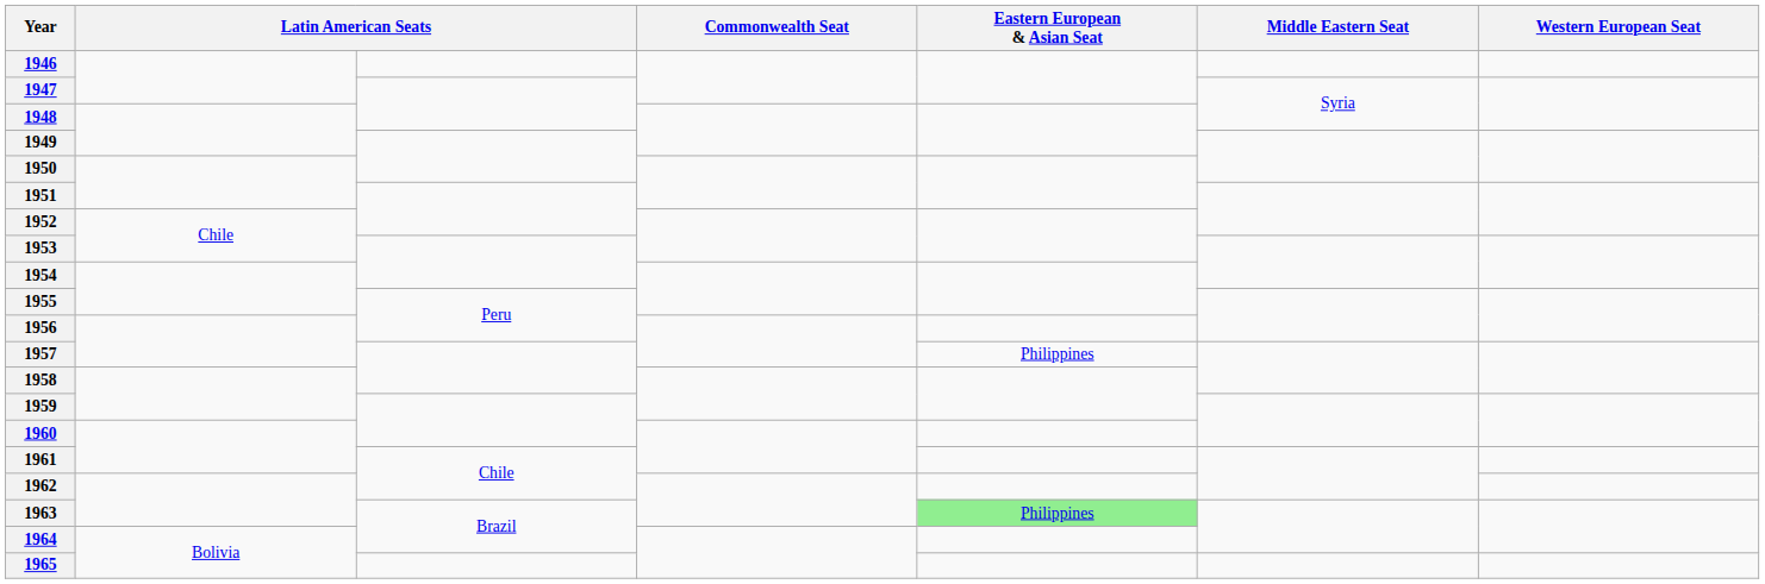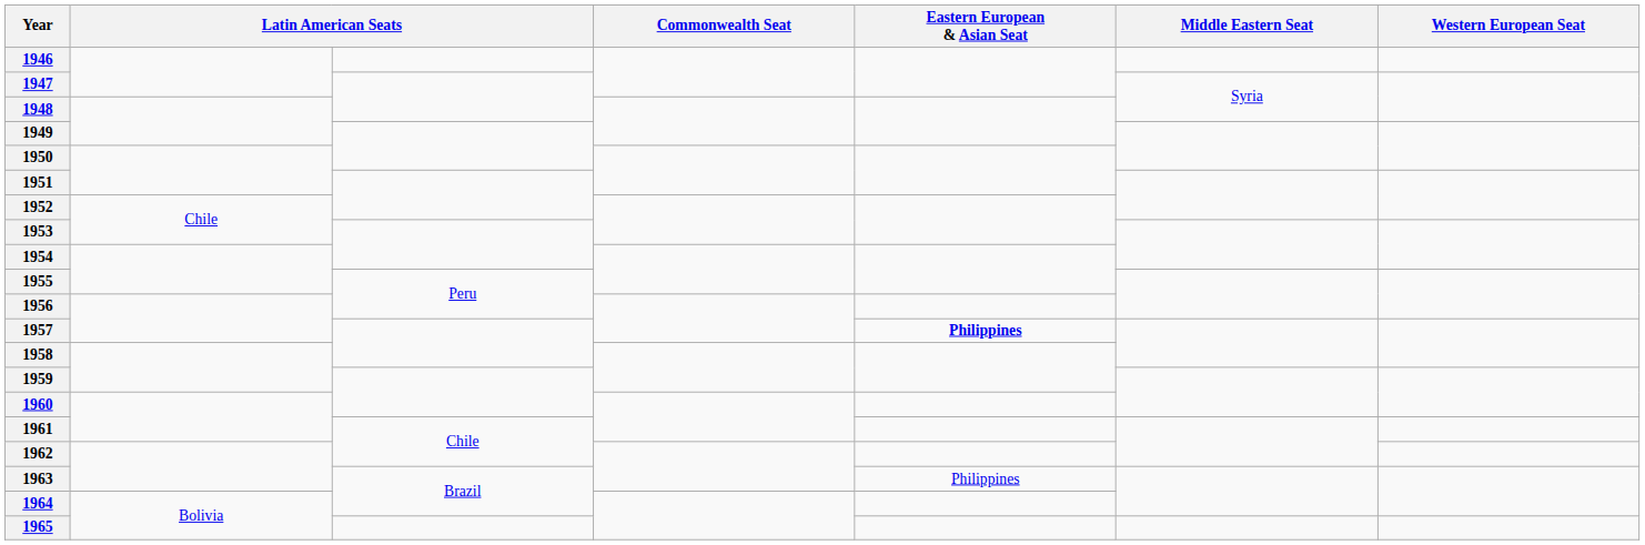 <table class="wikitable" style="width:100%; font-size:92%;text-align:center;">
 <tr>
 <th>Year</th>
 <th colspan="2"><a href='#'>Latin American Seats</a></th>
 <th><a href='#'>Commonwealth Seat</a></th>
 <th><a href='#'>Eastern European</a> <br> & <a href='#'>Asian Seat</a></th>
 <th><a href='#'>Middle Eastern Seat</a></th>
 <th><a href='#'>Western European Seat</a></th>
 </tr>
 <tr>
 <th><a href='#'>1946</a></th>
 <td width="16%" rowspan="2"></td>
 <td width="16%"></td>
 <td width="16%" rowspan="2"></td>
 <td width="16%" rowspan="2"></td>
 <td width="16%"></td>
 <td width="16%"></td>
 </tr>
 <tr>
 <th><a href='#'>1947</a></th>
 <td rowspan="2"></td>
 <td rowspan="2"> <a href='#'>Syria</a></td>
 <td rowspan="2"></td>
 </tr>
 <tr>
 <th><a href='#'>1948</a></th>
 <td rowspan="2"></td>
 <td rowspan="2"></td>
 <td rowspan="2"></td>
 </tr>
 <tr>
 <th>1949</th>
 <td rowspan="2"></td>
 <td rowspan="2"></td>
 <td rowspan="2"></td>
 </tr>
 <tr>
 <th>1950</th>
 <td rowspan="2"></td>
 <td rowspan="2"></td>
 <td rowspan="2"></td>
 </tr>
 <tr>
 <th>1951</th>
 <td rowspan="2"></td>
 <td rowspan="2"></td>
 <td rowspan="2"></td>
 </tr>
 <tr>
 <th>1952</th>
 <td rowspan="2"> <a href='#'>Chile</a></td>
 <td rowspan="2"></td>
 <td rowspan="2"></td>
 </tr>
 <tr>
 <th>1953</th>
 <td rowspan="2"></td>
 <td rowspan="2"></td>
 <td rowspan="2"></td>
 </tr>
 <tr>
 <th>1954</th>
 <td rowspan="2"></td>
 <td rowspan="2"></td>
 <td rowspan="2"></td>
 </tr>
 <tr>
 <th>1955</th>
 <td rowspan="2"> <a href='#'>Peru</a></td>
 <td rowspan="2"></td>
 <td rowspan="2"></td>
 </tr>
 <tr>
 <th>1956</th>
 <td rowspan="2"></td>
 <td rowspan="2"></td>
 <td></td>
 </tr>
 <tr>
 <th>1957</th>
 <td rowspan="2"></td>
-<td> <a href='#'>Philippines</a></td>
+<td><strong> <a href='#'>Philippines</a></strong></td>
 <td rowspan="2"></td>
 <td rowspan="2"></td>
 </tr>
 <tr>
 <th>1958</th>
 <td rowspan="2"></td>
 <td rowspan="2"></td>
 <td rowspan="2"></td>
 </tr>
 <tr>
 <th>1959</th>
 <td rowspan="2"></td>
 <td rowspan="2"></td>
 <td rowspan="2"></td>
 </tr>
 <tr>
 <th><a href='#'>1960</a></th>
 <td rowspan="2"></td>
 <td rowspan="2"></td>
 <td></td>
 </tr>
 <tr>
 <th>1961</th>
 <td rowspan="2"> <a href='#'>Chile</a></td>
 <td></td>
 <td rowspan="2"></td>
 <td></td>
 </tr>
 <tr>
 <th>1962</th>
 <td rowspan="2"></td>
 <td rowspan="2"></td>
 <td></td>
 <td></td>
 </tr>
 <tr>
 <th>1963</th>
 <td rowspan="2"> <a href='#'>Brazil</a></td>
-<td style="background: lightgreen;"> <a href='#'>Philippines</a></td>
+<td> <a href='#'>Philippines</a></td>
 <td rowspan="2"></td>
 <td rowspan="2"></td>
 </tr>
 <tr>
 <th><a href='#'>1964</a></th>
 <td rowspan="2"> <a href='#'>Bolivia</a></td>
 <td rowspan="2"></td>
 <td></td>
 </tr>
 <tr>
 <th><a href='#'>1965</a></th>
 <td></td>
 <td></td>
 <td></td>
 <td></td>
 </tr>
 </table>
